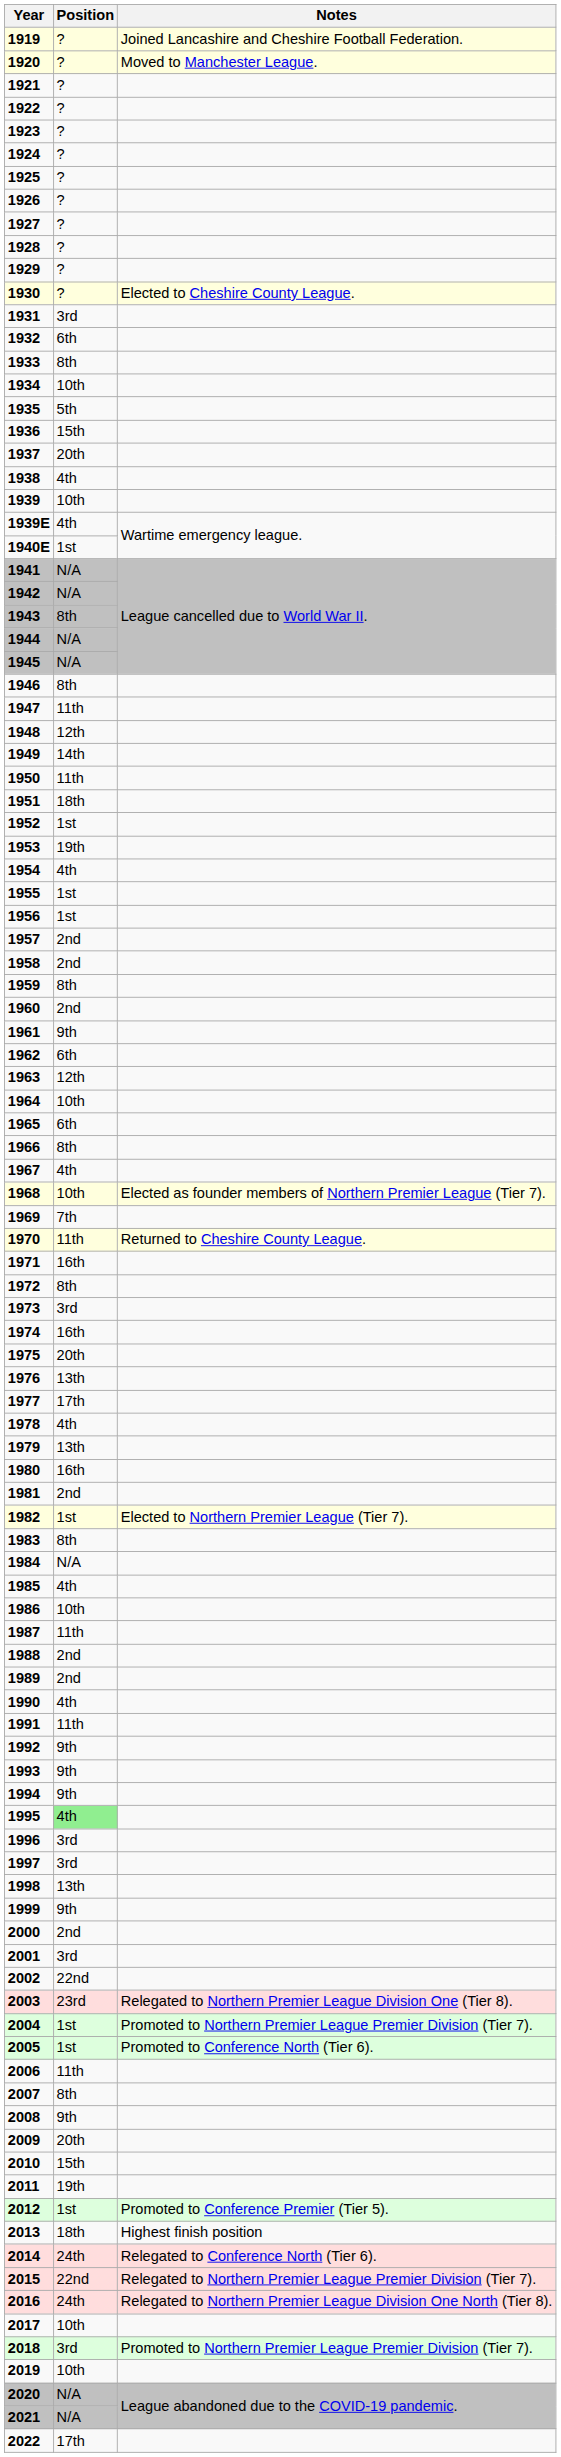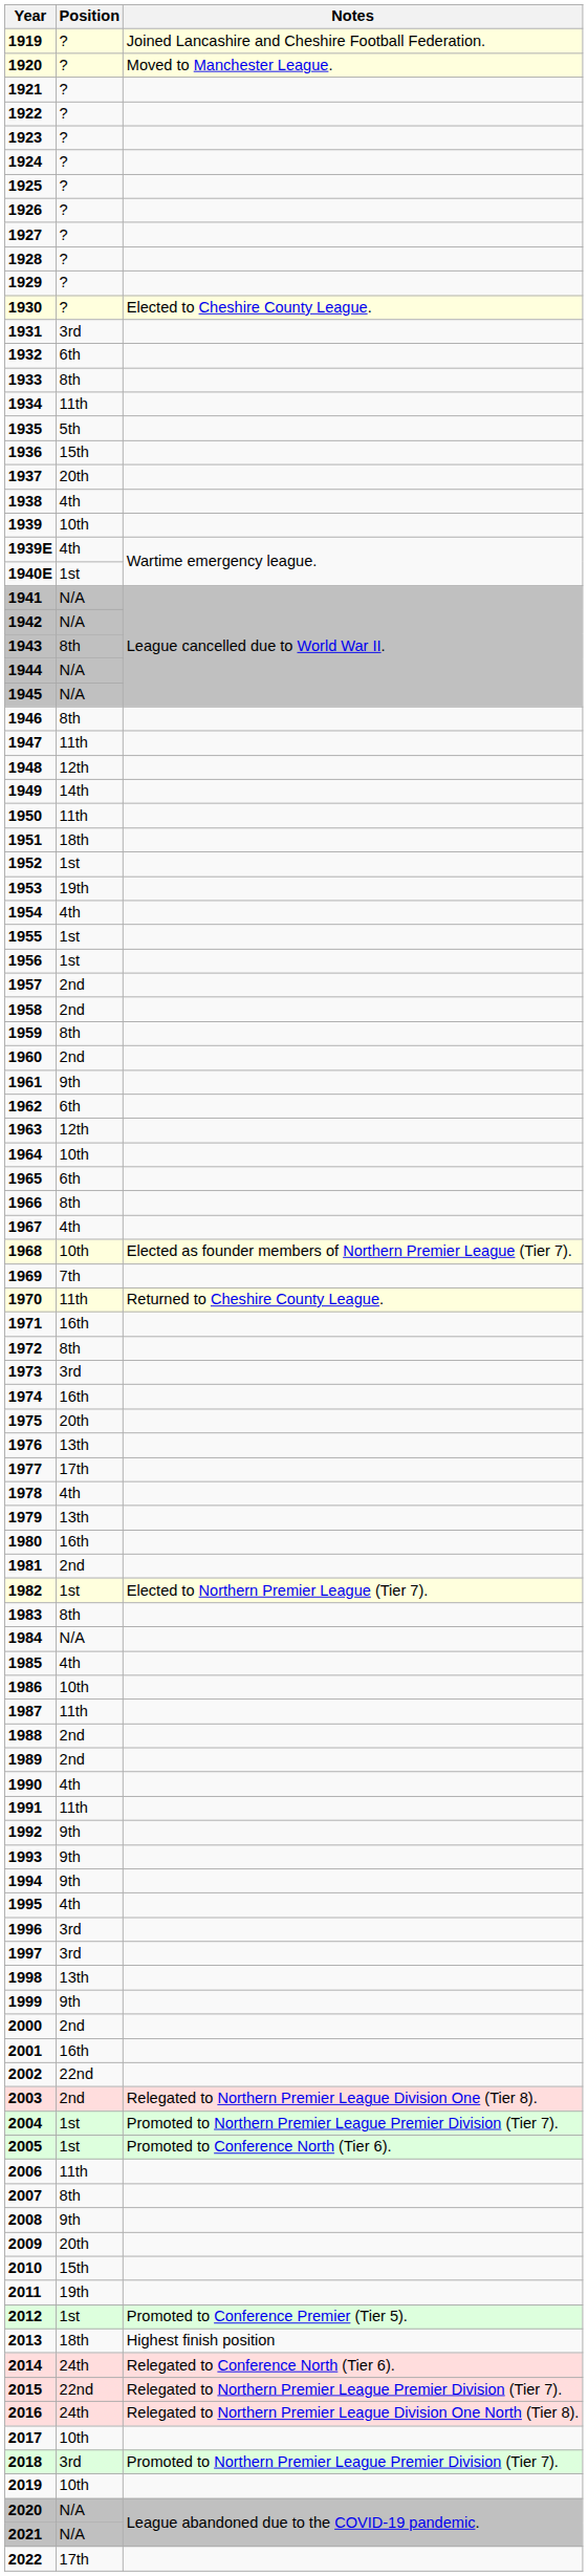 <table class="wikitable">
 <tr>
 <th>Year</th>
 <th>Position</th>
 <th>Notes</th>
 </tr>
 <tr style="background:#ffffdd;">
 <td><strong>1919</strong></td>
 <td>?</td>
 <td>Joined Lancashire and Cheshire Football Federation.</td>
 </tr>
 <tr style="background:#ffffdd;">
 <td><strong>1920</strong></td>
 <td>?</td>
 <td>Moved to <a href='#'>Manchester League</a>.</td>
 </tr>
 <tr>
 <td><strong>1921</strong></td>
 <td>?</td>
 <td></td>
 </tr>
 <tr>
 <td><strong>1922</strong></td>
 <td>?</td>
 <td></td>
 </tr>
 <tr>
 <td><strong>1923</strong></td>
 <td>?</td>
 <td></td>
 </tr>
 <tr>
 <td><strong>1924</strong></td>
 <td>?</td>
 <td></td>
 </tr>
 <tr>
 <td><strong>1925</strong></td>
 <td>?</td>
 <td></td>
 </tr>
 <tr>
 <td><strong>1926</strong></td>
 <td>?</td>
 <td></td>
 </tr>
 <tr>
 <td><strong>1927</strong></td>
 <td>?</td>
 <td></td>
 </tr>
 <tr>
 <td><strong>1928</strong></td>
 <td>?</td>
 <td></td>
 </tr>
 <tr>
 <td><strong>1929</strong></td>
 <td>?</td>
 <td></td>
 </tr>
 <tr style="background:#ffffdd;">
 <td><strong>1930</strong></td>
 <td>?</td>
 <td>Elected to <a href='#'>Cheshire County League</a>.</td>
 </tr>
 <tr>
 <td><strong>1931</strong></td>
 <td>3rd</td>
 <td></td>
 </tr>
 <tr>
 <td><strong>1932</strong></td>
 <td>6th</td>
 <td></td>
 </tr>
 <tr>
 <td><strong>1933</strong></td>
 <td>8th</td>
 <td></td>
 </tr>
 <tr>
 <td><strong>1934</strong></td>
-<td>10th</td>
+<td>11th</td>
 <td></td>
 </tr>
 <tr>
 <td><strong>1935</strong></td>
 <td>5th</td>
 <td></td>
 </tr>
 <tr>
 <td><strong>1936</strong></td>
 <td>15th</td>
 <td></td>
 </tr>
 <tr>
 <td><strong>1937</strong></td>
 <td>20th</td>
 <td></td>
 </tr>
 <tr>
 <td><strong>1938</strong></td>
 <td>4th</td>
 <td></td>
 </tr>
 <tr>
 <td><strong>1939</strong></td>
 <td>10th</td>
 <td></td>
 </tr>
 <tr>
 <td><strong>1939E</strong></td>
 <td>4th</td>
 <td rowspan="2">Wartime emergency league.</td>
 </tr>
 <tr>
 <td><strong>1940E</strong></td>
 <td>1st</td>
 </tr>
 <tr style="background:#C0C0C0;">
 <td><strong>1941</strong></td>
 <td>N/A</td>
 <td rowspan="5">League cancelled due to <a href='#'>World War II</a>.</td>
 </tr>
 <tr style="background:#C0C0C0;">
 <td><strong>1942</strong></td>
 <td>N/A</td>
 </tr>
 <tr style="background:#C0C0C0;">
 <td><strong>1943</strong></td>
 <td>8th</td>
 </tr>
 <tr style="background:#C0C0C0;">
 <td><strong>1944</strong></td>
 <td>N/A</td>
 </tr>
 <tr style="background:#C0C0C0;">
 <td><strong>1945</strong></td>
 <td>N/A</td>
 </tr>
 <tr>
 <td><strong>1946</strong></td>
 <td>8th</td>
 <td></td>
 </tr>
 <tr>
 <td><strong>1947</strong></td>
 <td>11th</td>
 <td></td>
 </tr>
 <tr>
 <td><strong>1948</strong></td>
 <td>12th</td>
 <td></td>
 </tr>
 <tr>
 <td><strong>1949</strong></td>
 <td>14th</td>
 <td></td>
 </tr>
 <tr>
 <td><strong>1950</strong></td>
 <td>11th</td>
 <td></td>
 </tr>
 <tr>
 <td><strong>1951</strong></td>
 <td>18th</td>
 <td></td>
 </tr>
 <tr>
 <td><strong>1952</strong></td>
 <td>1st</td>
 <td></td>
 </tr>
 <tr>
 <td><strong>1953</strong></td>
 <td>19th</td>
 <td></td>
 </tr>
 <tr>
 <td><strong>1954</strong></td>
 <td>4th</td>
 <td></td>
 </tr>
 <tr>
 <td><strong>1955</strong></td>
 <td>1st</td>
 <td></td>
 </tr>
 <tr>
 <td><strong>1956</strong></td>
 <td>1st</td>
 <td></td>
 </tr>
 <tr>
 <td><strong>1957</strong></td>
 <td>2nd</td>
 <td></td>
 </tr>
 <tr>
 <td><strong>1958</strong></td>
 <td>2nd</td>
 <td></td>
 </tr>
 <tr>
 <td><strong>1959</strong></td>
 <td>8th</td>
 <td></td>
 </tr>
 <tr>
 <td><strong>1960</strong></td>
 <td>2nd</td>
 <td></td>
 </tr>
 <tr>
 <td><strong>1961</strong></td>
 <td>9th</td>
 <td></td>
 </tr>
 <tr>
 <td><strong>1962</strong></td>
 <td>6th</td>
 <td></td>
 </tr>
 <tr>
 <td><strong>1963</strong></td>
 <td>12th</td>
 <td></td>
 </tr>
 <tr>
 <td><strong>1964</strong></td>
 <td>10th</td>
 <td></td>
 </tr>
 <tr>
 <td><strong>1965</strong></td>
 <td>6th</td>
 <td></td>
 </tr>
 <tr>
 <td><strong>1966</strong></td>
 <td>8th</td>
 <td></td>
 </tr>
 <tr>
 <td><strong>1967</strong></td>
 <td>4th</td>
 <td></td>
 </tr>
 <tr style="background:#ffffdd;">
 <td><strong>1968</strong></td>
 <td>10th</td>
 <td>Elected as founder members of <a href='#'>Northern Premier League</a> (Tier 7).</td>
 </tr>
 <tr>
 <td><strong>1969</strong></td>
 <td>7th</td>
 <td></td>
 </tr>
 <tr style="background:#ffffdd;">
 <td><strong>1970</strong></td>
 <td>11th</td>
 <td>Returned to <a href='#'>Cheshire County League</a>.</td>
 </tr>
 <tr>
 <td><strong>1971</strong></td>
 <td>16th</td>
 <td></td>
 </tr>
 <tr>
 <td><strong>1972</strong></td>
 <td>8th</td>
 <td></td>
 </tr>
 <tr>
 <td><strong>1973</strong></td>
 <td>3rd</td>
 <td></td>
 </tr>
 <tr>
 <td><strong>1974</strong></td>
 <td>16th</td>
 <td></td>
 </tr>
 <tr>
 <td><strong>1975</strong></td>
 <td>20th</td>
 <td></td>
 </tr>
 <tr>
 <td><strong>1976</strong></td>
 <td>13th</td>
 <td></td>
 </tr>
 <tr>
 <td><strong>1977</strong></td>
 <td>17th</td>
 <td></td>
 </tr>
 <tr>
 <td><strong>1978</strong></td>
 <td>4th</td>
 <td></td>
 </tr>
 <tr>
 <td><strong>1979</strong></td>
 <td>13th</td>
 <td></td>
 </tr>
 <tr>
 <td><strong>1980</strong></td>
 <td>16th</td>
 <td></td>
 </tr>
 <tr>
 <td><strong>1981</strong></td>
 <td>2nd</td>
 <td></td>
 </tr>
 <tr style="background:#ffffdd;">
 <td><strong>1982</strong></td>
 <td>1st</td>
 <td>Elected to <a href='#'>Northern Premier League</a> (Tier 7).</td>
 </tr>
 <tr>
 <td><strong>1983</strong></td>
 <td>8th</td>
 <td></td>
 </tr>
 <tr>
 <td><strong>1984</strong></td>
 <td>N/A</td>
 <td></td>
 </tr>
 <tr>
 <td><strong>1985</strong></td>
 <td>4th</td>
 <td></td>
 </tr>
 <tr>
 <td><strong>1986</strong></td>
 <td>10th</td>
 <td></td>
 </tr>
 <tr>
 <td><strong>1987</strong></td>
 <td>11th</td>
 <td></td>
 </tr>
 <tr>
 <td><strong>1988</strong></td>
 <td>2nd</td>
 <td></td>
 </tr>
 <tr>
 <td><strong>1989</strong></td>
 <td>2nd</td>
 <td></td>
 </tr>
 <tr>
 <td><strong>1990</strong></td>
 <td>4th</td>
 <td></td>
 </tr>
 <tr>
 <td><strong>1991</strong></td>
 <td>11th</td>
 <td></td>
 </tr>
 <tr>
 <td><strong>1992</strong></td>
 <td>9th</td>
 <td></td>
 </tr>
 <tr>
 <td><strong>1993</strong></td>
 <td>9th</td>
 <td></td>
 </tr>
 <tr>
 <td><strong>1994</strong></td>
 <td>9th</td>
 <td></td>
 </tr>
 <tr>
 <td><strong>1995</strong></td>
-<td style="background: lightgreen;">4th</td>
+<td>4th</td>
 <td></td>
 </tr>
 <tr>
 <td><strong>1996</strong></td>
 <td>3rd</td>
 <td></td>
 </tr>
 <tr>
 <td><strong>1997</strong></td>
 <td>3rd</td>
 <td></td>
 </tr>
 <tr>
 <td><strong>1998</strong></td>
 <td>13th</td>
 <td></td>
 </tr>
 <tr>
 <td><strong>1999</strong></td>
 <td>9th</td>
 <td></td>
 </tr>
 <tr>
 <td><strong>2000</strong></td>
 <td>2nd</td>
 <td></td>
 </tr>
 <tr>
 <td><strong>2001</strong></td>
-<td>3rd</td>
+<td>16th</td>
 <td></td>
 </tr>
 <tr>
 <td><strong>2002</strong></td>
 <td>22nd</td>
 <td></td>
 </tr>
 <tr style="background:#ffdddd">
 <td><strong>2003</strong></td>
-<td>23rd</td>
+<td>2nd</td>
 <td>Relegated to <a href='#'>Northern Premier League Division One</a> (Tier 8).</td>
 </tr>
 <tr style="background:#ddffdd;">
 <td><strong>2004</strong></td>
 <td>1st</td>
 <td>Promoted to <a href='#'>Northern Premier League Premier Division</a> (Tier 7).</td>
 </tr>
 <tr style="background:#ddffdd;">
 <td><strong>2005</strong></td>
 <td>1st</td>
 <td>Promoted to <a href='#'>Conference North</a> (Tier 6).</td>
 </tr>
 <tr>
 <td><strong>2006</strong></td>
 <td>11th</td>
 <td></td>
 </tr>
 <tr>
 <td><strong>2007</strong></td>
 <td>8th</td>
 <td></td>
 </tr>
 <tr>
 <td><strong>2008</strong></td>
 <td>9th</td>
 <td></td>
 </tr>
 <tr>
 <td><strong>2009</strong></td>
 <td>20th</td>
 <td></td>
 </tr>
 <tr>
 <td><strong>2010</strong></td>
 <td>15th</td>
 <td></td>
 </tr>
 <tr>
 <td><strong>2011</strong></td>
 <td>19th</td>
 <td></td>
 </tr>
 <tr style="background:#ddffdd;">
 <td><strong>2012</strong></td>
 <td>1st</td>
 <td>Promoted to <a href='#'>Conference Premier</a> (Tier 5).</td>
 </tr>
 <tr>
 <td><strong>2013</strong></td>
 <td>18th</td>
 <td>Highest finish position</td>
 </tr>
 <tr style="background:#ffdddd">
 <td><strong>2014</strong></td>
 <td>24th</td>
 <td>Relegated to <a href='#'>Conference North</a> (Tier 6).</td>
 </tr>
 <tr style="background:#ffdddd">
 <td><strong>2015</strong></td>
 <td>22nd</td>
 <td>Relegated to <a href='#'>Northern Premier League Premier Division</a> (Tier 7).</td>
 </tr>
 <tr style="background:#ffdddd">
 <td><strong>2016</strong></td>
 <td>24th</td>
 <td>Relegated to <a href='#'>Northern Premier League Division One North</a> (Tier 8).</td>
 </tr>
 <tr>
 <td><strong>2017</strong></td>
 <td>10th</td>
 <td></td>
 </tr>
 <tr style="background:#ddffdd;">
 <td><strong>2018</strong></td>
 <td>3rd</td>
 <td>Promoted to <a href='#'>Northern Premier League Premier Division</a> (Tier 7).</td>
 </tr>
 <tr>
 <td><strong>2019</strong></td>
 <td>10th</td>
 <td></td>
 </tr>
 <tr style="background:#C0C0C0;">
 <td><strong>2020</strong></td>
 <td>N/A</td>
 <td rowspan="2">League abandoned due to the <a href='#'>COVID-19 pandemic</a>.</td>
 </tr>
 <tr style="background:#C0C0C0;">
 <td><strong>2021</strong></td>
 <td>N/A</td>
 </tr>
 <tr>
 <td><strong>2022</strong></td>
 <td>17th</td>
 <td></td>
 </tr>
 </table>
